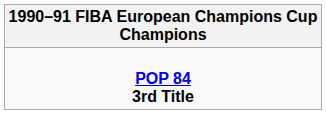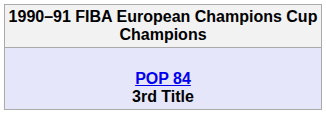 <table class=wikitable style="text-align:center; margin:auto">
 <tr>
 <th>1990–91 FIBA European Champions Cup<br>Champions</th>
 </tr>
 <tr>
-<td> <br> <strong><a href='#'>POP 84</a></strong> <br> <strong>3rd Title</strong></td>
+<td style="background: lavender;"> <br> <strong><a href='#'>POP 84</a></strong> <br> <strong>3rd Title</strong></td>
 </tr>
 </table>
